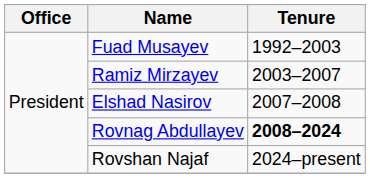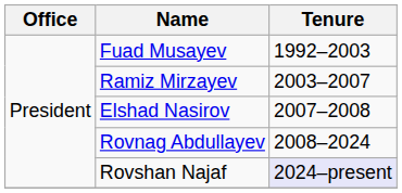 <table class="wikitable">
 <tr>
 <th>Office</th>
 <th>Name</th>
 <th>Tenure</th>
 </tr>
 <tr>
 <td rowspan="5">President</td>
 <td><a href='#'>Fuad Musayev</a></td>
 <td>1992–2003</td>
 </tr>
 <tr>
 <td><a href='#'>Ramiz Mirzayev</a></td>
 <td>2003–2007</td>
 </tr>
 <tr>
 <td><a href='#'>Elshad Nasirov</a></td>
 <td>2007–2008</td>
 </tr>
 <tr>
 <td><a href='#'>Rovnag Abdullayev</a></td>
-<td><strong>2008–2024</strong></td>
+<td>2008–2024</td>
 </tr>
 <tr>
 <td>Rovshan Najaf</td>
-<td>2024–present</td>
+<td style="background: lavender;">2024–present</td>
 </tr>
 <tr>
 </tr>
 </table>
